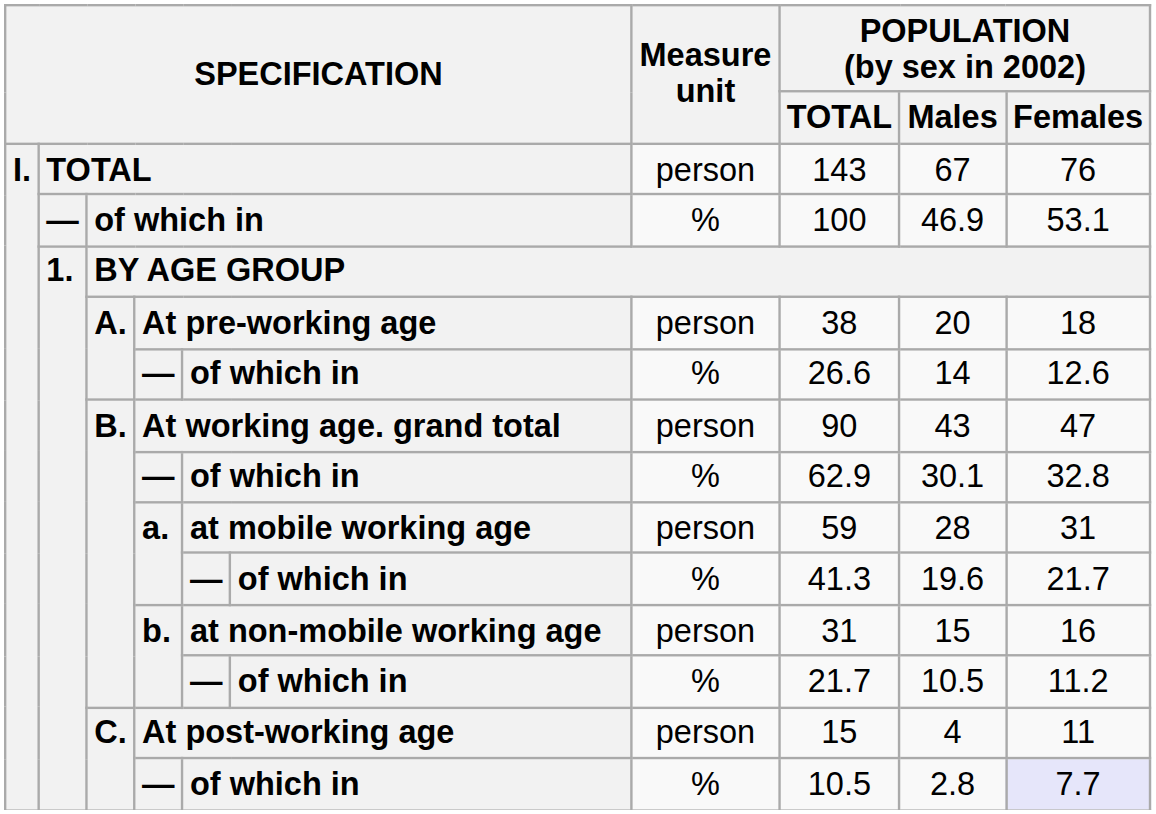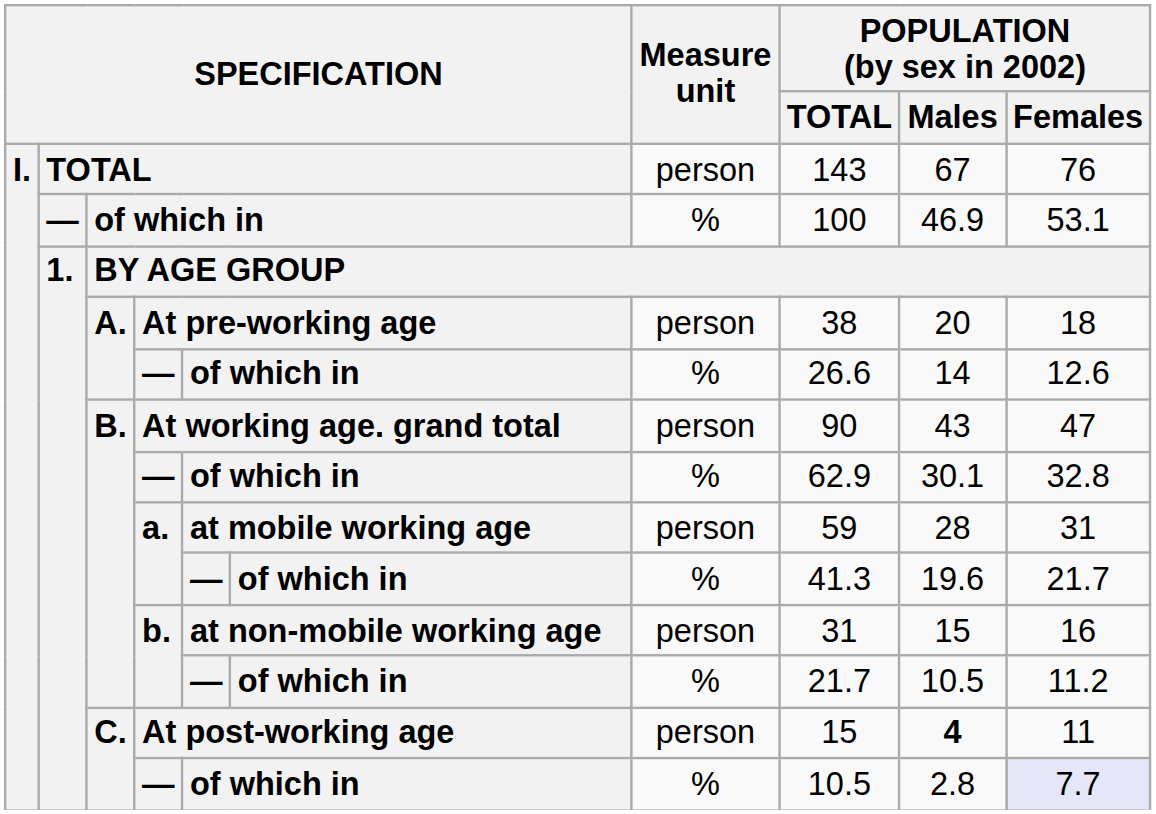 <table class="wikitable" style="font-size:85%; text-align:center">
 <tr>
 <th rowspan="2" colspan="6">SPECIFICATION</th>
 <th rowspan="2">Measure<br> unit</th>
 <th colspan="3" rowspan="1">POPULATION<br> (by sex in 2002)</th>
 </tr>
 <tr>
 <th>TOTAL</th>
 <th>Males</th>
 <th>Females</th>
 </tr>
 <tr>
 <th style="text-align:left" valign="top" rowspan="13">I.</th>
 <th style="text-align:left" colspan="5">TOTAL</th>
 <td>person</td>
 <td>143</td>
 <td>67</td>
 <td>76</td>
 </tr>
 <tr>
 <th style="text-align:left" valign="top">—</th>
 <th style="text-align:left" colspan="4">of which in</th>
 <td>%</td>
 <td>100</td>
 <td>46.9</td>
 <td>53.1</td>
 </tr>
 <tr>
 <th style="text-align:left" valign="top" rowspan="11">1.</th>
 <th style="text-align:left" colspan="19">BY AGE GROUP</th>
 </tr>
 <tr>
 <th style="text-align:left" valign="top" rowspan="2">A.</th>
 <th style="text-align:left" colspan="3">At pre-working age</th>
 <td>person</td>
 <td>38</td>
 <td>20</td>
 <td>18</td>
 </tr>
 <tr>
 <th style="text-align:left" valign="top">—</th>
 <th style="text-align:left" valign="top" colspan="2">of which in</th>
 <td>%</td>
 <td>26.6</td>
 <td>14</td>
 <td>12.6</td>
 </tr>
 <tr>
 <th style="text-align:left" valign="top" rowspan="6">B.</th>
 <th style="text-align:left" colspan="3">At working age. grand total</th>
 <td>person</td>
 <td>90</td>
 <td>43</td>
 <td>47</td>
 </tr>
 <tr>
 <th style="text-align:left" valign="top">—</th>
 <th style="text-align:left" valign="top" colspan="2">of which in</th>
 <td>%</td>
 <td>62.9</td>
 <td>30.1</td>
 <td>32.8</td>
 </tr>
 <tr>
 <th style="text-align:left" valign="top" rowspan="2">a.</th>
 <th style="text-align:left" colspan="2">at mobile working age</th>
 <td>person</td>
 <td>59</td>
 <td>28</td>
 <td>31</td>
 </tr>
 <tr>
 <th style="text-align:left" valign="top">—</th>
 <th style="text-align:left" valign="top" colspan="1">of which in                        </th>
 <td>%</td>
 <td>41.3</td>
 <td>19.6</td>
 <td>21.7</td>
 </tr>
 <tr>
 <th style="text-align:left" valign="top" rowspan="2">b.</th>
 <th style="text-align:left" colspan="2">at non-mobile working age</th>
 <td>person</td>
 <td>31</td>
 <td>15</td>
 <td>16</td>
 </tr>
 <tr>
 <th style="text-align:left" valign="top">—</th>
 <th style="text-align:left" valign="top" colspan="1">of which in                        </th>
 <td>%</td>
 <td>21.7</td>
 <td>10.5</td>
 <td>11.2</td>
 </tr>
 <tr>
 <th style="text-align:left" valign="top" rowspan="2">C.</th>
 <th style="text-align:left" colspan="3">At post-working age</th>
 <td>person</td>
 <td>15</td>
-<td>4</td>
+<td><strong>4</strong></td>
 <td>11</td>
 </tr>
 <tr>
 <th style="text-align:left" valign="top">—</th>
 <th style="text-align:left" valign="top" colspan="2">of which in</th>
 <td>%</td>
 <td>10.5</td>
 <td>2.8</td>
 <td style="background: lavender;">7.7</td>
 </tr>
 </table>
